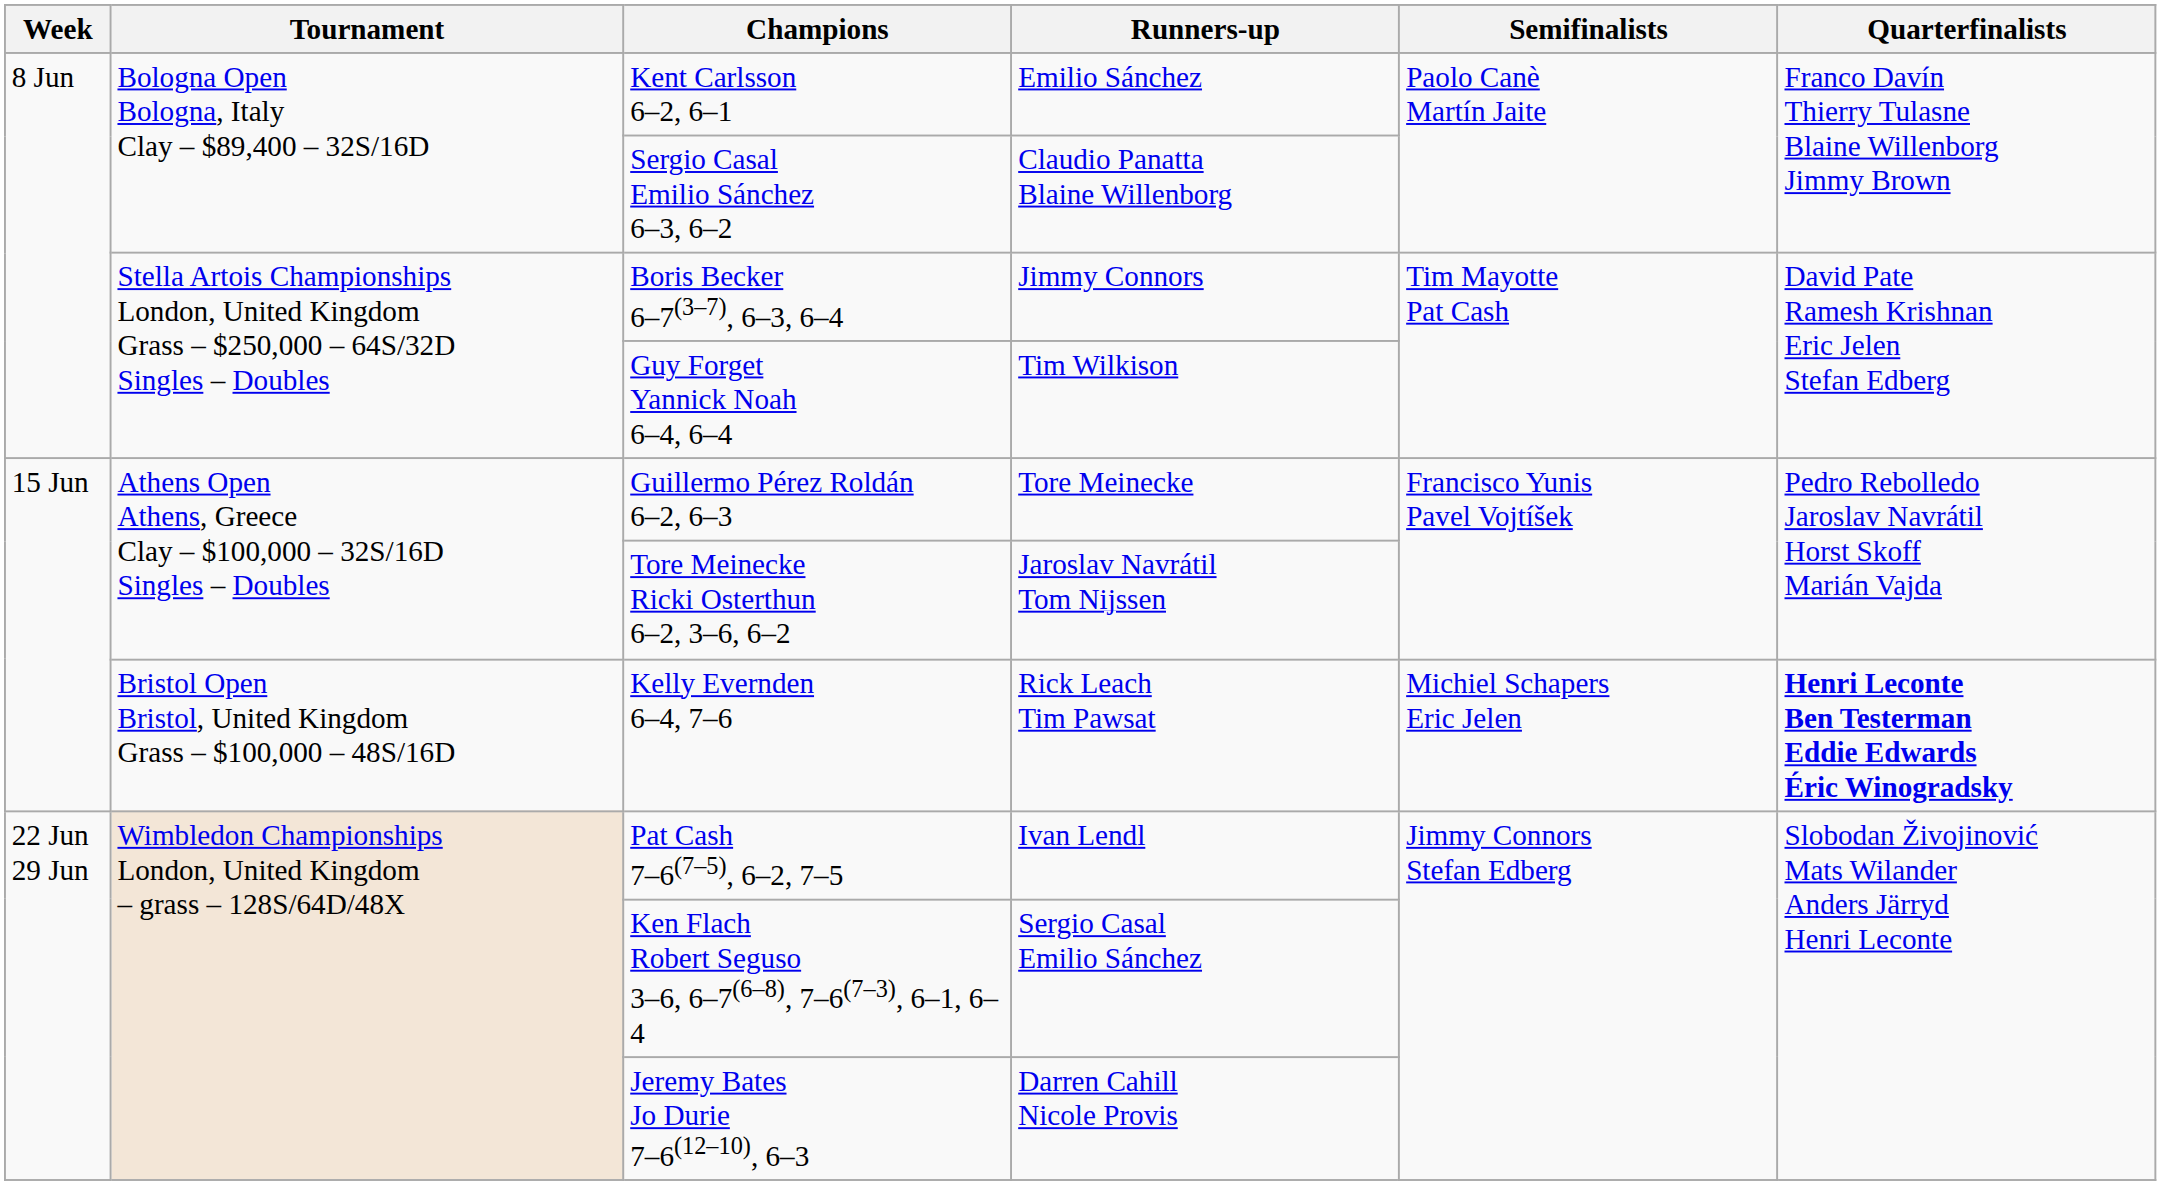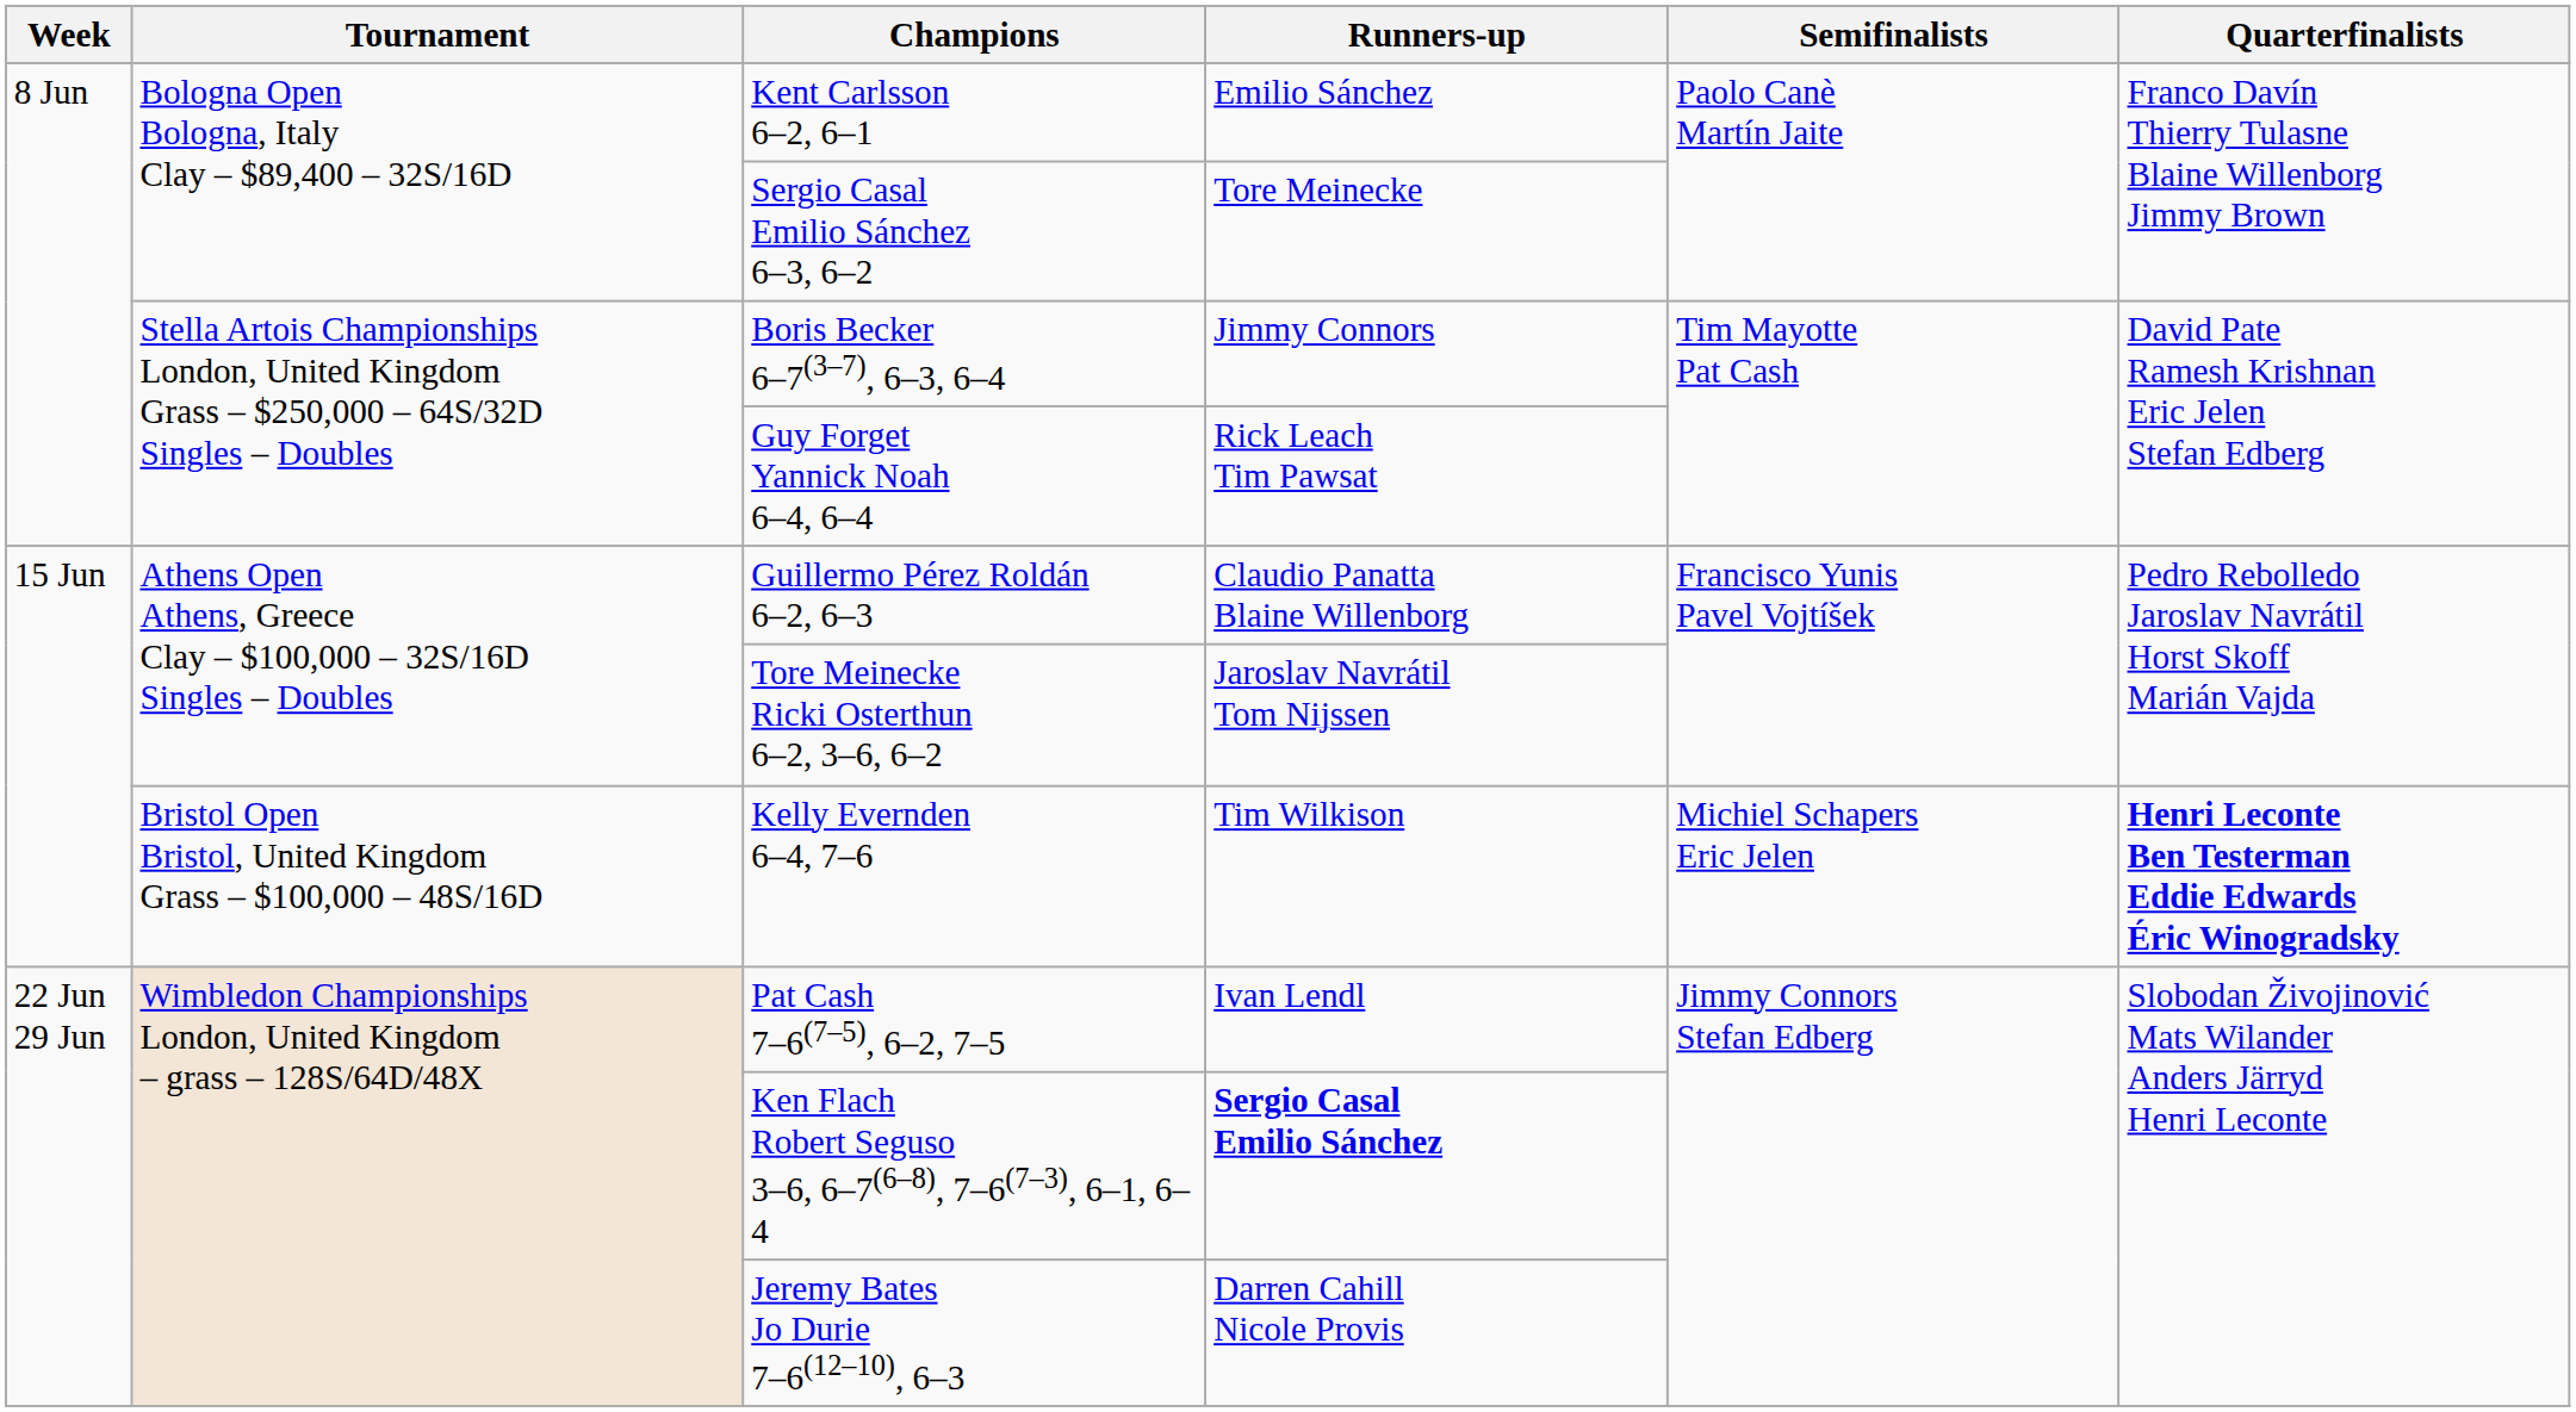 <table class=wikitable style=font-size:95%>
 <tr>
 <th style="width:48px;">Week</th>
 <th style="width:260px;">Tournament</th>
 <th style="width:195px;">Champions</th>
 <th style="width:195px;">Runners-up</th>
 <th style="width:190px;">Semifinalists</th>
 <th style="width:190px;">Quarterfinalists</th>
 </tr>
 <tr valign=top>
 <td rowspan="4">8 Jun</td>
 <td rowspan="2"><a href='#'>Bologna Open</a><br> <a href='#'>Bologna</a>, Italy<br>Clay – $89,400 – 32S/16D</td>
 <td> <a href='#'>Kent Carlsson</a> <br> 6–2, 6–1</td>
 <td> <a href='#'>Emilio Sánchez</a></td>
 <td rowspan="2"> <a href='#'>Paolo Canè</a> <br>  <a href='#'>Martín Jaite</a></td>
 <td rowspan="2"> <a href='#'>Franco Davín</a> <br>  <a href='#'>Thierry Tulasne</a> <br>  <a href='#'>Blaine Willenborg</a> <br>  <a href='#'>Jimmy Brown</a></td>
 </tr>
 <tr valign=top>
 <td> <a href='#'>Sergio Casal</a><br> <a href='#'>Emilio Sánchez</a> <br> 6–3, 6–2</td>
-<td> <a href='#'>Claudio Panatta</a> <br>  <a href='#'>Blaine Willenborg</a></td>
+<td> <a href='#'>Tore Meinecke</a></td>
 </tr>
 <tr valign=top>
 <td rowspan="2"><a href='#'>Stella Artois Championships</a><br> London, United Kingdom<br>Grass – $250,000 – 64S/32D <br> <a href='#'>Singles</a> – <a href='#'>Doubles</a></td>
 <td> <a href='#'>Boris Becker</a> <br> 6–7<sup>(3–7)</sup>, 6–3, 6–4</td>
 <td> <a href='#'>Jimmy Connors</a></td>
 <td rowspan="2"> <a href='#'>Tim Mayotte</a> <br>  <a href='#'>Pat Cash</a></td>
 <td rowspan="2"> <a href='#'>David Pate</a> <br>  <a href='#'>Ramesh Krishnan</a> <br>  <a href='#'>Eric Jelen</a> <br>  <a href='#'>Stefan Edberg</a></td>
 </tr>
 <tr valign=top>
 <td> <a href='#'>Guy Forget</a><br> <a href='#'>Yannick Noah</a> <br> 6–4, 6–4</td>
-<td> <a href='#'>Tim Wilkison</a></td>
+<td> <a href='#'>Rick Leach</a> <br>  <a href='#'>Tim Pawsat</a></td>
 </tr>
 <tr valign=top>
 <td rowspan="3">15 Jun</td>
 <td rowspan="2"><a href='#'>Athens Open</a><br> <a href='#'>Athens</a>, Greece<br>Clay – $100,000 – 32S/16D <br> <a href='#'>Singles</a> – <a href='#'>Doubles</a></td>
 <td> <a href='#'>Guillermo Pérez Roldán</a> <br> 6–2, 6–3</td>
-<td> <a href='#'>Tore Meinecke</a></td>
+<td> <a href='#'>Claudio Panatta</a> <br>  <a href='#'>Blaine Willenborg</a></td>
 <td rowspan="2"> <a href='#'>Francisco Yunis</a> <br>  <a href='#'>Pavel Vojtíšek</a></td>
 <td rowspan="2"> <a href='#'>Pedro Rebolledo</a> <br>  <a href='#'>Jaroslav Navrátil</a> <br>  <a href='#'>Horst Skoff</a> <br>  <a href='#'>Marián Vajda</a></td>
 </tr>
 <tr valign=top>
 <td> <a href='#'>Tore Meinecke</a><br> <a href='#'>Ricki Osterthun</a> <br> 6–2, 3–6, 6–2</td>
 <td> <a href='#'>Jaroslav Navrátil</a> <br>  <a href='#'>Tom Nijssen</a></td>
 </tr>
 <tr valign=top>
 <td><a href='#'>Bristol Open</a><br> <a href='#'>Bristol</a>, United Kingdom<br>Grass – $100,000 – 48S/16D</td>
 <td> <a href='#'>Kelly Evernden</a> <br> 6–4, 7–6</td>
-<td> <a href='#'>Rick Leach</a> <br>  <a href='#'>Tim Pawsat</a></td>
+<td> <a href='#'>Tim Wilkison</a></td>
 <td> <a href='#'>Michiel Schapers</a> <br>  <a href='#'>Eric Jelen</a></td>
 <td><strong> <a href='#'>Henri Leconte</a> <br>  <a href='#'>Ben Testerman</a> <br>  <a href='#'>Eddie Edwards</a> <br>  <a href='#'>Éric Winogradsky</a></strong></td>
 </tr>
 <tr valign=top>
 <td rowspan=3>22 Jun<br>29 Jun</td>
 <td bgcolor="#F3E6D7" rowspan=3><a href='#'>Wimbledon Championships</a><br> London, United Kingdom<br> – grass – 128S/64D/48X</td>
 <td> <a href='#'>Pat Cash</a> <br> 7–6<sup>(7–5)</sup>, 6–2, 7–5</td>
 <td> <a href='#'>Ivan Lendl</a></td>
 <td rowspan=3> <a href='#'>Jimmy Connors</a> <br>  <a href='#'>Stefan Edberg</a></td>
 <td rowspan=3> <a href='#'>Slobodan Živojinović</a> <br>  <a href='#'>Mats Wilander</a> <br>  <a href='#'>Anders Järryd</a> <br>  <a href='#'>Henri Leconte</a></td>
 </tr>
 <tr valign=top>
 <td> <a href='#'>Ken Flach</a><br> <a href='#'>Robert Seguso</a> <br> 3–6, 6–7<sup>(6–8)</sup>, 7–6<sup>(7–3)</sup>, 6–1, 6–4</td>
-<td> <a href='#'>Sergio Casal</a><br> <a href='#'>Emilio Sánchez</a></td>
+<td><strong> <a href='#'>Sergio Casal</a><br> <a href='#'>Emilio Sánchez</a></strong></td>
 </tr>
 <tr valign=top>
 <td> <a href='#'>Jeremy Bates</a> <br>  <a href='#'>Jo Durie</a> <br> 7–6<sup>(12–10)</sup>, 6–3</td>
 <td> <a href='#'>Darren Cahill</a><br> <a href='#'>Nicole Provis</a></td>
 </tr>
 </table>
